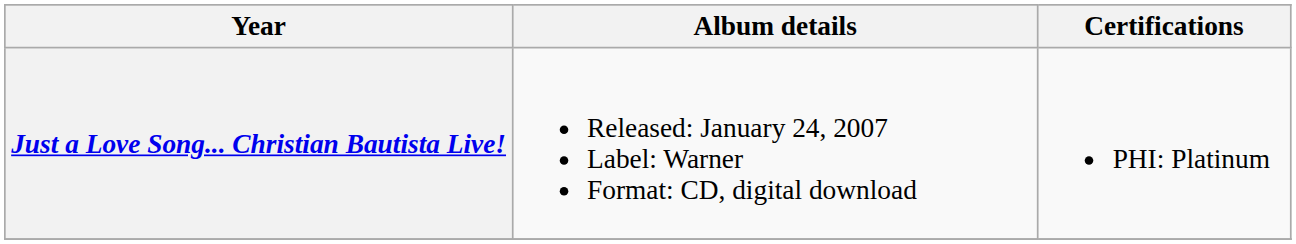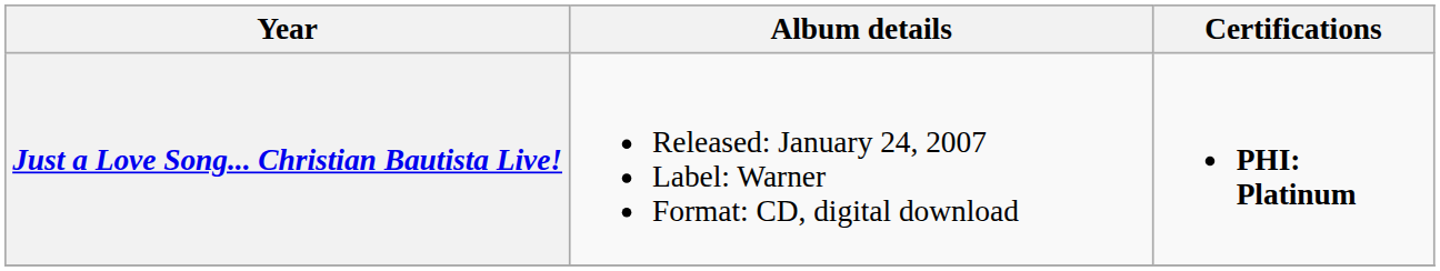 <table class="wikitable plainrowheaders">
 <tr>
 <th>Year</th>
 <th width="300">Album details</th>
 <th width="140">Certifications</th>
 </tr>
 <tr>
 <th scope="row" align="center"><em><a href='#'>Just a Love Song... Christian Bautista Live!</a></em></th>
 <td><br><ul><li>Released: January 24, 2007</li><li>Label: Warner</li><li>Format: CD, digital download</li></ul></td>
-<td align="left"><br><ul><li>PHI: Platinum</li></ul></td>
+<td align="left"><strong><br><ul><li>PHI: Platinum</li></ul></strong></td>
 </tr>
 <tr>
 </tr>
 </table>
